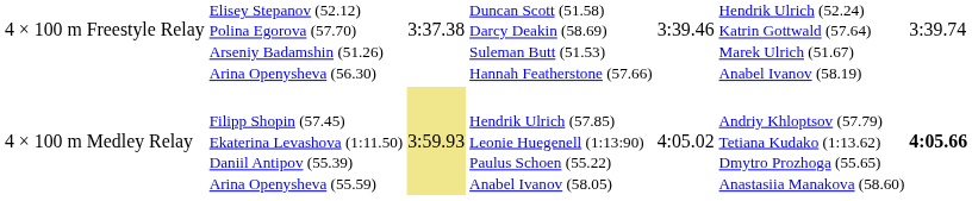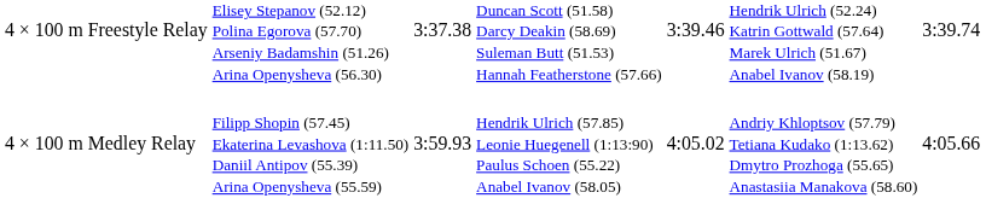 <table>
 <tr>
 <td>4 × 100 m Freestyle Relay</td>
 <td> <br><small>  <a href='#'>Elisey Stepanov</a> (52.12)<br><a href='#'>Polina Egorova</a> (57.70)<br> <a href='#'>Arseniy Badamshin</a> (51.26)<br><a href='#'>Arina Openysheva</a> (56.30)</small></td>
 <td>3:37.38</td>
 <td> <br><small> <a href='#'>Duncan Scott</a> (51.58)<br><a href='#'>Darcy Deakin</a> (58.69)<br> <a href='#'>Suleman Butt</a> (51.53)<br><a href='#'>Hannah Featherstone</a> (57.66)</small></td>
 <td>3:39.46</td>
 <td> <br><small> <a href='#'>Hendrik Ulrich</a> (52.24)<br><a href='#'>Katrin Gottwald</a> (57.64)<br> <a href='#'>Marek Ulrich</a> (51.67)<br><a href='#'>Anabel Ivanov</a> (58.19)</small></td>
 <td>3:39.74</td>
 </tr>
 <tr>
 <td>4 × 100 m Medley Relay</td>
 <td> <br><small>  <a href='#'>Filipp Shopin</a> (57.45)<br><a href='#'>Ekaterina Levashova</a> (1:11.50)<br> <a href='#'>Daniil Antipov</a> (55.39)<br><a href='#'>Arina Openysheva</a> (55.59)</small></td>
-<td style="background: khaki;">3:59.93</td>
+<td>3:59.93</td>
 <td> <br><small> <a href='#'>Hendrik Ulrich</a> (57.85)<br><a href='#'>Leonie Huegenell</a> (1:13:90)<br> <a href='#'>Paulus Schoen</a> (55.22)<br><a href='#'>Anabel Ivanov</a> (58.05)</small></td>
 <td>4:05.02</td>
 <td> <br><small> <a href='#'>Andriy Khloptsov</a> (57.79)<br><a href='#'>Tetiana Kudako</a> (1:13.62)<br> <a href='#'>Dmytro Prozhoga</a> (55.65)<br><a href='#'>Anastasiia Manakova</a> (58.60)</small></td>
-<td><strong>4:05.66</strong></td>
+<td>4:05.66</td>
 </tr>
 </table>
